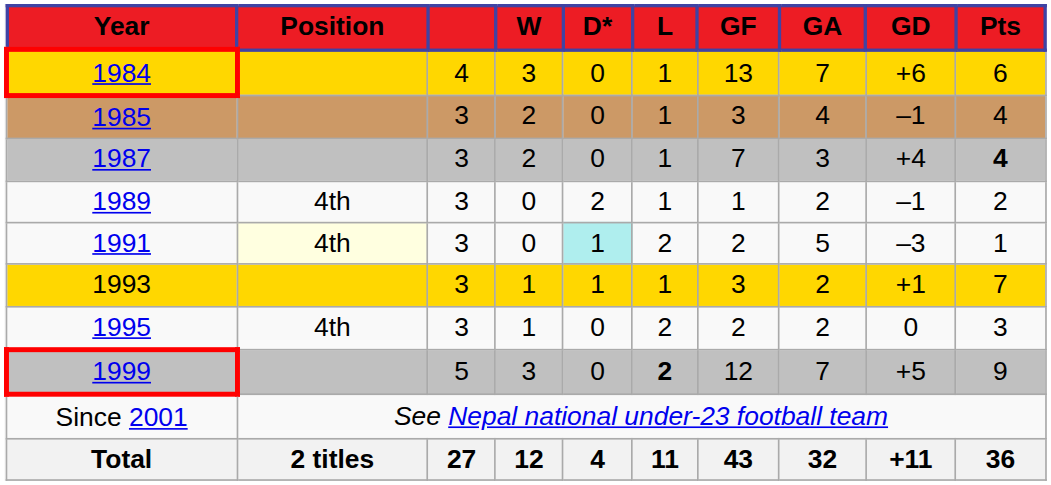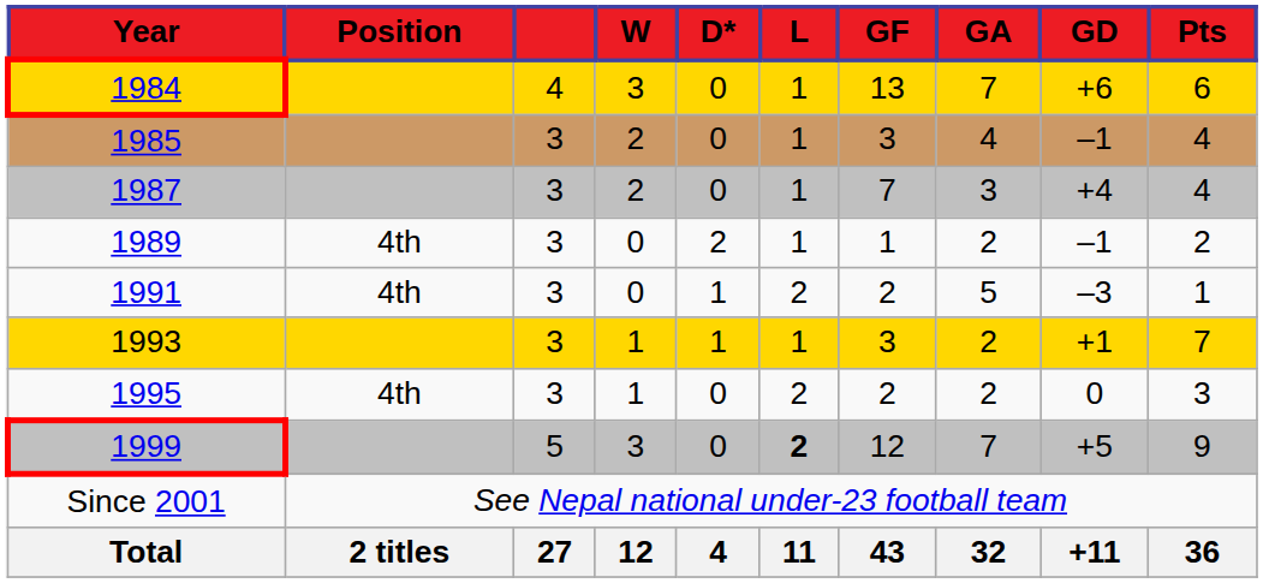 <table Class = "wikitable" style = "text-align: center; width:50%;">
 <tr>
 <th style="background:#ED1C24;border: 2px solid #3F43A4;"><span>Year</span></th>
 <th style="background:#ED1C24;border: 2px solid #3F43A4;"><span>Position</span></th>
 <th style="background:#ED1C24;border: 2px solid #3F43A4;"><span></span></th>
 <th style="background:#ED1C24;border: 2px solid #3F43A4;"><span>W</span></th>
 <th style="background:#ED1C24;border: 2px solid #3F43A4;"><span>D*</span></th>
 <th style="background:#ED1C24;border: 2px solid #3F43A4;"><span>L</span></th>
 <th style="background:#ED1C24;border: 2px solid #3F43A4;"><span>GF</span></th>
 <th style="background:#ED1C24;border: 2px solid #3F43A4;"><span>GA</span></th>
 <th style="background:#ED1C24;border: 2px solid #3F43A4;"><span>GD</span></th>
 <th style="background:#ED1C24;border: 2px solid #3F43A4;"><span>Pts</span></th>
 </tr>
 <tr bgcolor="gold">
 <td style="border: 3px solid red"> <a href='#'>1984</a></td>
 <td></td>
 <td>4</td>
 <td>3</td>
 <td>0</td>
 <td>1</td>
 <td>13</td>
 <td>7</td>
 <td>+6</td>
 <td>6</td>
 </tr>
 <tr bgcolor="#c96">
 <td> <a href='#'>1985</a></td>
 <td></td>
 <td>3</td>
 <td>2</td>
 <td>0</td>
 <td>1</td>
 <td>3</td>
 <td>4</td>
 <td>–1</td>
 <td>4</td>
 </tr>
 <tr bgcolor="silver">
 <td> <a href='#'>1987</a></td>
 <td></td>
 <td>3</td>
 <td>2</td>
 <td>0</td>
 <td>1</td>
 <td>7</td>
 <td>3</td>
 <td>+4</td>
-<td><strong>4</strong></td>
+<td>4</td>
 </tr>
 <tr>
 <td> <a href='#'>1989</a></td>
 <td>4th</td>
 <td>3</td>
 <td>0</td>
 <td>2</td>
 <td>1</td>
 <td>1</td>
 <td>2</td>
 <td>–1</td>
 <td>2</td>
 </tr>
 <tr>
 <td> <a href='#'>1991</a></td>
-<td style="background: lightyellow;">4th</td>
+<td>4th</td>
 <td>3</td>
 <td>0</td>
-<td style="background: paleturquoise;">1</td>
+<td>1</td>
 <td>2</td>
 <td>2</td>
 <td>5</td>
 <td>–3</td>
 <td>1</td>
 </tr>
 <tr bgcolor="gold">
 <td> 1993</td>
 <td></td>
 <td>3</td>
 <td>1</td>
 <td>1</td>
 <td>1</td>
 <td>3</td>
 <td>2</td>
 <td>+1</td>
 <td>7</td>
 </tr>
 <tr>
 <td> <a href='#'>1995</a></td>
 <td>4th</td>
 <td>3</td>
 <td>1</td>
 <td>0</td>
 <td>2</td>
 <td>2</td>
 <td>2</td>
 <td>0</td>
 <td>3</td>
 </tr>
 <tr bgcolor="silver">
 <td style="border: 3px solid red"> <a href='#'>1999</a></td>
 <td></td>
 <td>5</td>
 <td>3</td>
 <td>0</td>
 <td><strong>2</strong></td>
 <td>12</td>
 <td>7</td>
 <td>+5</td>
 <td>9</td>
 </tr>
 <tr>
 <td>Since <a href='#'>2001</a></td>
 <td colspan=10><em>See <a href='#'>Nepal national under-23 football team</a></em></td>
 </tr>
 <tr>
 <th><strong>Total</strong></th>
 <th>2 titles</th>
 <th>27</th>
 <th>12</th>
 <th>4</th>
 <th>11</th>
 <th>43</th>
 <th>32</th>
 <th>+11</th>
 <th>36</th>
 </tr>
 </table>
